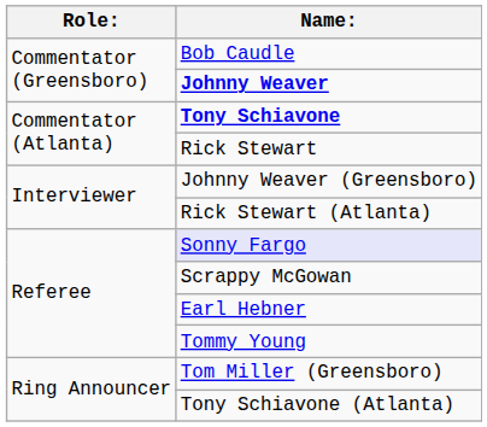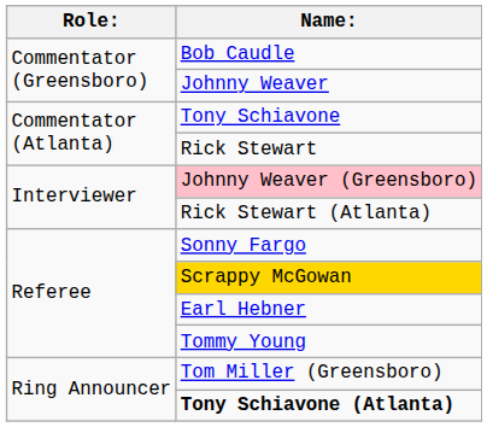 <table class=wikitable style="font-size:90%; margin: 0.5em 0 0.5em 1em; float: right; clear: right;">
 <tr>
 <th>Role:</th>
 <th>Name:</th>
 </tr>
 <tr>
 <td rowspan=2>Commentator<br> (Greensboro)</td>
 <td><a href='#'>Bob Caudle</a></td>
 </tr>
 <tr>
-<td><strong><a href='#'>Johnny Weaver</a></strong></td>
+<td><a href='#'>Johnny Weaver</a></td>
 </tr>
 <tr>
 <td rowspan=2>Commentator<br> (Atlanta)</td>
-<td><strong><a href='#'>Tony Schiavone</a></strong></td>
+<td><a href='#'>Tony Schiavone</a></td>
 </tr>
 <tr>
 <td>Rick Stewart</td>
 </tr>
 <tr>
 <td rowspan=2>Interviewer</td>
-<td>Johnny Weaver (Greensboro)</td>
+<td style="background: pink;">Johnny Weaver (Greensboro)</td>
 </tr>
 <tr>
 <td>Rick Stewart (Atlanta)</td>
 </tr>
 <tr>
 <td rowspan=4>Referee</td>
-<td style="background: lavender;"><a href='#'>Sonny Fargo</a></td>
+<td><a href='#'>Sonny Fargo</a></td>
 </tr>
 <tr>
-<td>Scrappy McGowan</td>
+<td style="background: gold;">Scrappy McGowan</td>
 </tr>
 <tr>
 <td><a href='#'>Earl Hebner</a></td>
 </tr>
 <tr>
 <td><a href='#'>Tommy Young</a></td>
 </tr>
 <tr>
 <td rowspan=2>Ring Announcer</td>
 <td><a href='#'>Tom Miller</a> (Greensboro)</td>
 </tr>
 <tr>
-<td>Tony Schiavone (Atlanta)</td>
+<td><strong>Tony Schiavone (Atlanta)</strong></td>
 </tr>
 </table>
